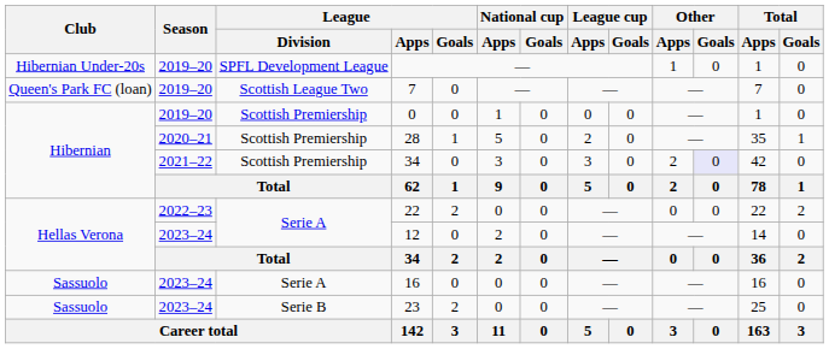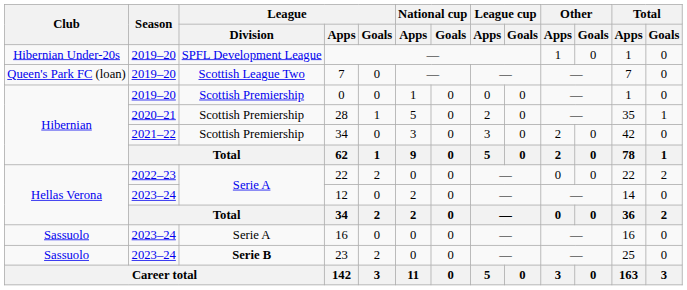 <table class="wikitable" style="text-align: center;">
 <tr>
 <th rowspan="2">Club</th>
 <th rowspan="2">Season</th>
 <th colspan="3">League</th>
 <th colspan="2">National cup</th>
 <th colspan="2">League cup</th>
 <th colspan="2">Other</th>
 <th colspan="2">Total</th>
 </tr>
 <tr>
 <th>Division</th>
 <th>Apps</th>
 <th>Goals</th>
 <th>Apps</th>
 <th>Goals</th>
 <th>Apps</th>
 <th>Goals</th>
 <th>Apps</th>
 <th>Goals</th>
 <th>Apps</th>
 <th>Goals</th>
 </tr>
 <tr>
 <td><a href='#'>Hibernian Under-20s</a></td>
 <td><a href='#'>2019–20</a></td>
 <td><a href='#'>SPFL Development League</a></td>
 <td colspan="6">—</td>
 <td>1</td>
 <td>0</td>
 <td>1</td>
 <td>0</td>
 </tr>
 <tr>
 <td><a href='#'>Queen's Park FC</a> (loan)</td>
 <td><a href='#'>2019–20</a></td>
 <td><a href='#'>Scottish League Two</a></td>
 <td>7</td>
 <td>0</td>
 <td colspan="2">—</td>
 <td colspan="2">—</td>
 <td colspan="2">—</td>
 <td>7</td>
 <td>0</td>
 </tr>
 <tr>
 <td rowspan="4"><a href='#'>Hibernian</a></td>
 <td><a href='#'>2019–20</a></td>
 <td><a href='#'>Scottish Premiership</a></td>
 <td>0</td>
 <td>0</td>
 <td>1</td>
 <td>0</td>
 <td>0</td>
 <td>0</td>
 <td colspan="2">—</td>
 <td>1</td>
 <td>0</td>
 </tr>
 <tr>
 <td><a href='#'>2020–21</a></td>
 <td>Scottish Premiership</td>
 <td>28</td>
 <td>1</td>
 <td>5</td>
 <td>0</td>
 <td>2</td>
 <td>0</td>
 <td colspan="2">—</td>
 <td>35</td>
 <td>1</td>
 </tr>
 <tr>
 <td><a href='#'>2021–22</a></td>
 <td>Scottish Premiership</td>
 <td>34</td>
 <td>0</td>
 <td>3</td>
 <td>0</td>
 <td>3</td>
 <td>0</td>
 <td>2</td>
-<td style="background: lavender;">0</td>
+<td>0</td>
 <td>42</td>
 <td>0</td>
 </tr>
 <tr>
 <th colspan="2">Total</th>
 <th>62</th>
 <th>1</th>
 <th>9</th>
 <th>0</th>
 <th>5</th>
 <th>0</th>
 <th>2</th>
 <th>0</th>
 <th>78</th>
 <th>1</th>
 </tr>
 <tr>
 <td rowspan="3"><a href='#'>Hellas Verona</a></td>
 <td><a href='#'>2022–23</a></td>
 <td rowspan="2"><a href='#'>Serie A</a></td>
 <td>22</td>
 <td>2</td>
 <td>0</td>
 <td>0</td>
 <td colspan="2">—</td>
 <td>0</td>
 <td>0</td>
 <td>22</td>
 <td>2</td>
 </tr>
 <tr>
 <td><a href='#'>2023–24</a></td>
 <td>12</td>
 <td>0</td>
 <td>2</td>
 <td>0</td>
 <td colspan="2">—</td>
 <td colspan="2">—</td>
 <td>14</td>
 <td>0</td>
 </tr>
 <tr>
 <th colspan="2">Total</th>
 <th>34</th>
 <th>2</th>
 <th>2</th>
 <th>0</th>
 <th colspan="2">—</th>
 <th>0</th>
 <th>0</th>
 <th>36</th>
 <th>2</th>
 </tr>
 <tr>
 <td><a href='#'>Sassuolo</a></td>
 <td><a href='#'>2023–24</a></td>
 <td>Serie A</td>
 <td>16</td>
 <td>0</td>
 <td>0</td>
 <td>0</td>
 <td colspan="2">—</td>
 <td colspan="2">—</td>
 <td>16</td>
 <td>0</td>
 </tr>
 <tr>
 <td><a href='#'>Sassuolo</a></td>
 <td><a href='#'>2023–24</a></td>
-<td>Serie B</td>
+<td><strong>Serie B</strong></td>
 <td>23</td>
 <td>2</td>
 <td>0</td>
 <td>0</td>
 <td colspan="2">—</td>
 <td colspan="2">—</td>
 <td>25</td>
 <td>0</td>
 </tr>
 <tr>
 <th colspan="3">Career total</th>
 <th>142</th>
 <th>3</th>
 <th>11</th>
 <th>0</th>
 <th>5</th>
 <th>0</th>
 <th>3</th>
 <th>0</th>
 <th>163</th>
 <th>3</th>
 </tr>
 </table>
